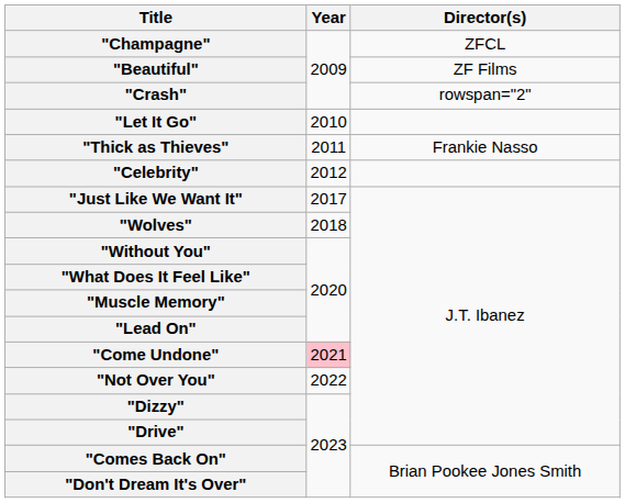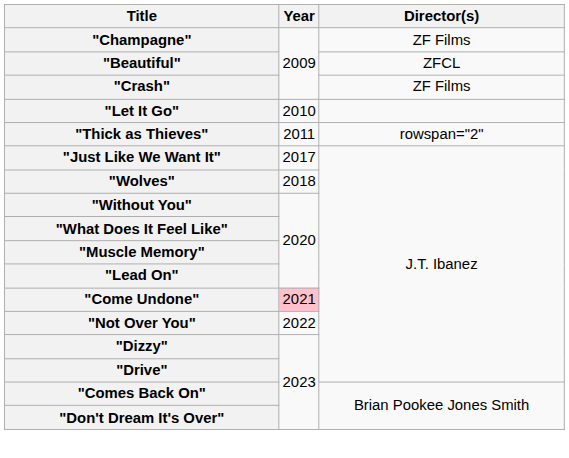 <table class="wikitable plainrowheaders" style="text-align:center;">
 <tr>
 <th scope="col" style="width:18em;">Title</th>
 <th scope="col">Year</th>
 <th scope="col" style="width:16em;">Director(s)</th>
 </tr>
 <tr>
 <th scope="row">"Champagne"</th>
 <td rowspan="3">2009</td>
+<td>ZF Films</td>
+</tr>
+<tr>
+<th scope="row">"Beautiful"</th>
 <td>ZFCL</td>
 </tr>
 <tr>
-<th scope="row">"Beautiful"</th>
+<th scope="row">"Crash"</th>
 <td>ZF Films</td>
-</tr>
-<tr>
-<th scope="row">"Crash"</th>
-<td>rowspan="2" </td>
 </tr>
 <tr>
 <th scope="row">"Let It Go"</th>
 <td>2010</td>
 </tr>
 <tr>
 <th scope="row">"Thick as Thieves"</th>
 <td>2011</td>
-<td>Frankie Nasso</td>
-</tr>
-<tr>
-<th scope="row">"Celebrity"</th>
-<td>2012</td>
-<td></td>
+<td>rowspan="2" </td>
 </tr>
 <tr>
 <th scope="row">"Just Like We Want It"</th>
 <td>2017</td>
 <td rowspan="10">J.T. Ibanez</td>
 </tr>
 <tr>
 <th scope="row">"Wolves"</th>
 <td>2018</td>
 </tr>
 <tr>
 <th scope="row">"Without You"</th>
 <td rowspan="4">2020</td>
 </tr>
 <tr>
 <th scope="row">"What Does It Feel Like"</th>
 </tr>
 <tr>
 <th scope="row">"Muscle Memory"</th>
 </tr>
 <tr>
 <th scope="row">"Lead On"</th>
 </tr>
 <tr>
 <th scope="row">"Come Undone"</th>
 <td style="background: pink;">2021</td>
 </tr>
 <tr>
 <th scope="row">"Not Over You"</th>
 <td>2022</td>
 </tr>
 <tr>
 <th scope="row">"Dizzy"</th>
 <td rowspan="4">2023</td>
 </tr>
 <tr>
 <th scope="row">"Drive"</th>
 </tr>
 <tr>
 <th scope="row">"Comes Back On"</th>
 <td rowspan="2">Brian Pookee Jones Smith</td>
 </tr>
 <tr>
 <th scope="row">"Don't Dream It's Over"</th>
 </tr>
 </table>
